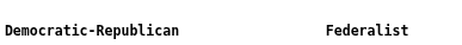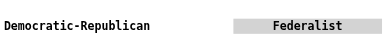 <table style="width:40em; text-align:center">
 <tr style="color:white">
 <td style="background:"><strong>59</strong></td>
 <td style="background:"><strong>47</strong></td>
 </tr>
 <tr>
 <td><span><strong>Democratic-Republican</strong></span></td>
-<td><span><strong>Federalist</strong></span></td>
+<td style="background: lightgrey;"><span><strong>Federalist</strong></span></td>
 </tr>
 </table>
